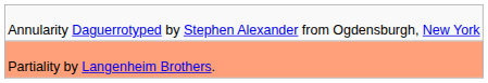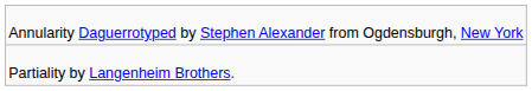 <table class=wikitable>
 <tr>
 <td><br>Annularity <a href='#'>Daguerrotyped</a> by <a href='#'>Stephen Alexander</a> from Ogdensburgh, <a href='#'>New York</a></td>
 </tr>
 <tr>
-<td style="background: lightsalmon;"><br>Partiality by <a href='#'>Langenheim Brothers</a>.</td>
+<td><br>Partiality by <a href='#'>Langenheim Brothers</a>.</td>
 </tr>
 </table>
